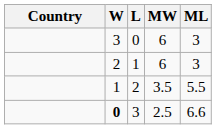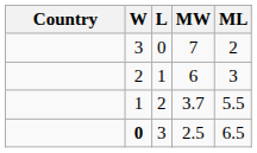 <table class="wikitable sortable" style="text-align:center">
 <tr>
 <th width=100>Country</th>
 <th>W</th>
 <th>L</th>
 <th>MW</th>
 <th>ML</th>
 </tr>
 <tr>
 <td align=left><strong></strong></td>
 <td>3</td>
 <td>0</td>
-<td>6</td>
-<td>3</td>
+<td>7</td>
+<td>2</td>
 </tr>
 <tr>
 <td align=left></td>
 <td>2</td>
 <td>1</td>
 <td>6</td>
 <td>3</td>
 </tr>
 <tr>
 <td align=left></td>
 <td>1</td>
 <td>2</td>
-<td>3.5</td>
+<td>3.7</td>
 <td>5.5</td>
 </tr>
 <tr>
 <td align=left></td>
 <td><strong>0</strong></td>
 <td>3</td>
 <td>2.5</td>
-<td>6.6</td>
+<td>6.5</td>
 </tr>
 </table>
